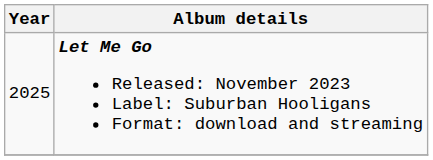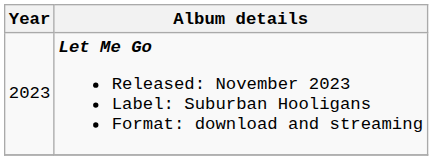 <table class ="wikitable">
 <tr>
 <th>Year</th>
 <th>Album details</th>
 </tr>
 <tr>
-<td>2025</td>
+<td>2023</td>
 <td><strong><em>Let Me Go</em></strong><br><ul><li>Released: November 2023</li><li>Label: Suburban Hooligans</li><li>Format: download and streaming</li></ul></td>
 </tr>
 <tr>
 </tr>
 </table>
